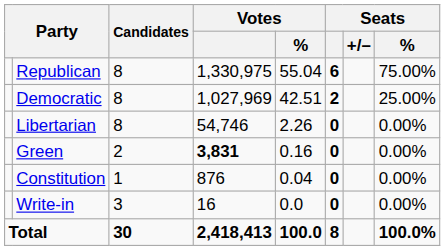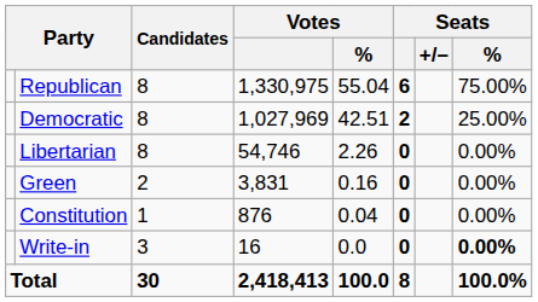 <table class="wikitable" style="font-size: 95%;">
 <tr>
 <th colspan="2" rowspan="2">Party</th>
 <th rowspan="2"><small>Candi</small><small>dates</small></th>
 <th colspan="2">Votes</th>
 <th colspan="3">Seats</th>
 </tr>
 <tr>
 <th></th>
 <th>%</th>
 <th></th>
 <th>+/–</th>
 <th>%</th>
 </tr>
 <tr>
 <td style="background:"></td>
 <td align="left"><a href='#'>Republican</a></td>
 <td>8</td>
 <td>1,330,975</td>
 <td>55.04</td>
 <td><strong>6</strong></td>
 <td></td>
 <td>75.00%</td>
 </tr>
 <tr>
 <td style="background:"></td>
 <td align=left><a href='#'>Democratic</a></td>
 <td>8</td>
 <td>1,027,969</td>
 <td>42.51</td>
 <td><strong>2</strong></td>
 <td></td>
 <td>25.00%</td>
 </tr>
 <tr>
 <td style="background:"></td>
 <td align=left><a href='#'>Libertarian</a></td>
 <td>8</td>
 <td>54,746</td>
 <td>2.26</td>
 <td><strong>0</strong></td>
 <td></td>
 <td>0.00%</td>
 </tr>
 <tr>
 <td style="background:"></td>
 <td align=left><a href='#'>Green</a></td>
 <td>2</td>
-<td><strong>3,831</strong></td>
+<td>3,831</td>
 <td>0.16</td>
 <td><strong>0</strong></td>
 <td></td>
 <td>0.00%</td>
 </tr>
 <tr>
 <td style="background:"></td>
 <td align=left><a href='#'>Constitution</a></td>
 <td>1</td>
 <td>876</td>
 <td>0.04</td>
 <td><strong>0</strong></td>
 <td></td>
 <td>0.00%</td>
 </tr>
 <tr>
 <td style="background:"></td>
 <td align=left><a href='#'>Write-in</a></td>
 <td>3</td>
 <td>16</td>
 <td>0.0</td>
 <td><strong>0</strong></td>
 <td></td>
-<td>0.00%</td>
+<td><strong>0.00%</strong></td>
 </tr>
 <tr style="font-weight:bold">
 <td colspan=2 align=left>Total</td>
 <td>30</td>
 <td>2,418,413</td>
 <td>100.0</td>
 <td>8</td>
 <td></td>
 <td>100.0%</td>
 </tr>
 </table>
